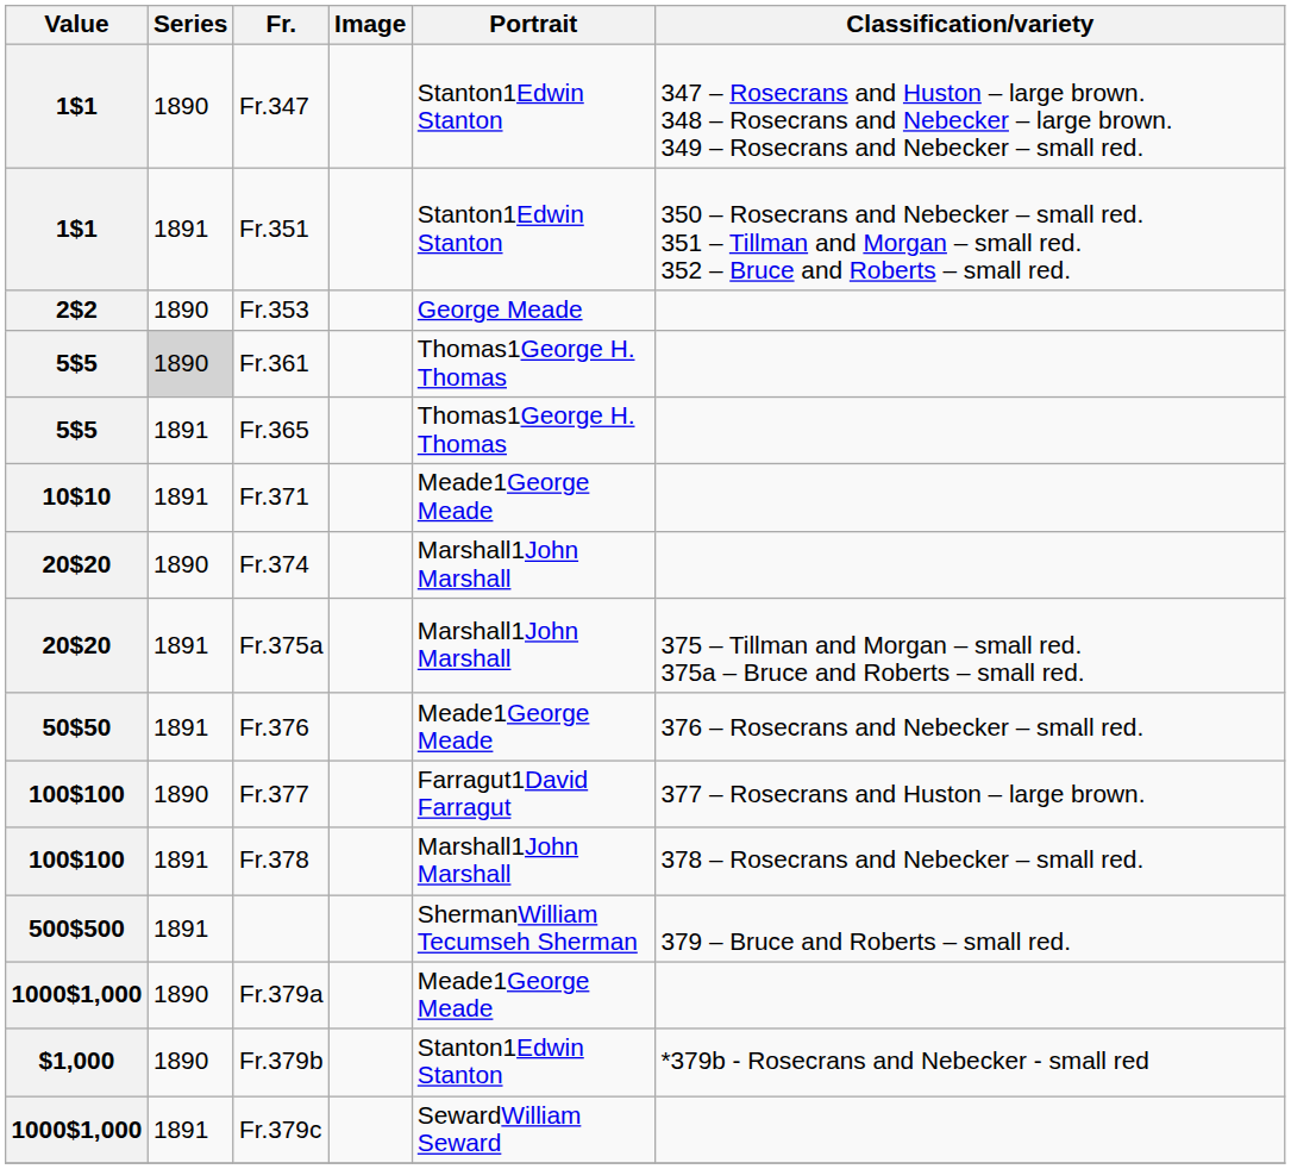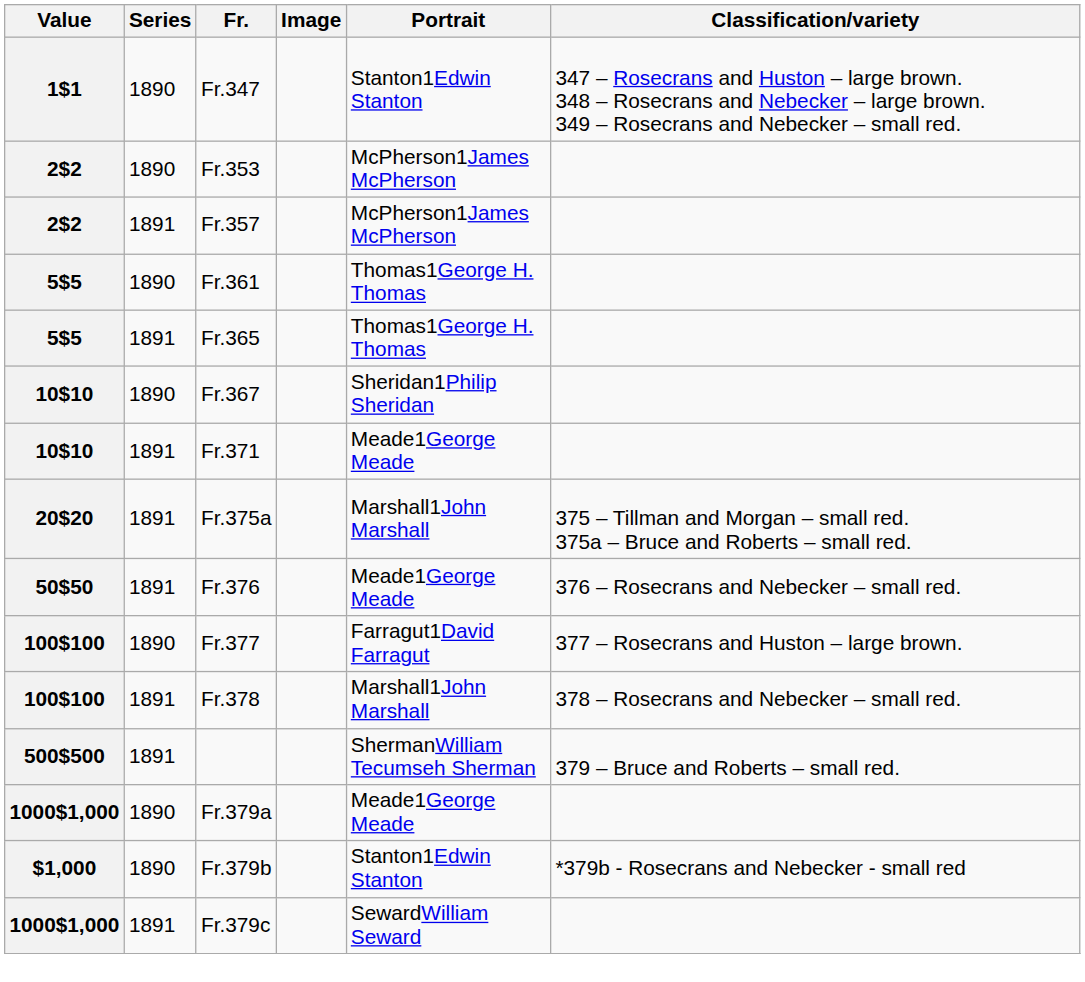 <table class="wikitable sortable">
 <tr>
 <th scope="col" style="width:30px;">Value</th>
 <th scope="col" style="width:40px;">Series</th>
 <th scope="col" style="width:40px; ">Fr.   </th>
 <th scope="col">Image</th>
 <th scope="col" style="width:150px;">Portrait</th>
 <th scope="col" style="width:400px;">Classification/variety</th>
 </tr>
 <tr>
 <th scope="row"><span>1</span>$1</th>
 <td>1890</td>
 <td>Fr.347</td>
 <td></td>
 <td><span>Stanton1</span><a href='#'>Edwin Stanton</a></td>
 <td><br>347 – <a href='#'>Rosecrans</a> and <a href='#'>Huston</a> – large brown.<br> 348 – Rosecrans and <a href='#'>Nebecker</a> – large brown.<br> 349 – Rosecrans and Nebecker – small red.</td>
 </tr>
 <tr>
-<th scope="row"><span>1</span>$1</th>
-<td>1891</td>
-<td>Fr.351</td>
-<td></td>
-<td><span>Stanton1</span><a href='#'>Edwin Stanton</a></td>
-<td><br>350 – Rosecrans and Nebecker – small red.<br> 351 – <a href='#'>Tillman</a> and <a href='#'>Morgan</a> – small red.<br> 352 – <a href='#'>Bruce</a> and <a href='#'>Roberts</a> – small red.</td>
-</tr>
-<tr>
 <th scope="row"><span>2</span>$2</th>
 <td>1890</td>
 <td>Fr.353</td>
 <td></td>
-<td><a href='#'>George Meade</a></td>
+<td><span>McPherson1</span><a href='#'>James McPherson</a></td>
+<td></td>
+</tr>
+<tr>
+<th scope="row"><span>2</span>$2</th>
+<td>1891</td>
+<td>Fr.357</td>
+<td></td>
+<td><span>McPherson1</span><a href='#'>James McPherson</a></td>
 <td></td>
 </tr>
 <tr>
 <th scope="row"><span>5</span>$5</th>
-<td style="background: lightgrey;">1890</td>
+<td>1890</td>
 <td>Fr.361</td>
 <td></td>
 <td><span>Thomas1</span><a href='#'>George H. Thomas</a></td>
 <td></td>
 </tr>
 <tr>
 <th scope="row"><span>5</span>$5</th>
 <td>1891</td>
 <td>Fr.365</td>
 <td></td>
 <td><span>Thomas1</span><a href='#'>George H. Thomas</a></td>
 <td></td>
 </tr>
 <tr>
 <th scope="row"><span>10</span>$10</th>
+<td>1890</td>
+<td>Fr.367</td>
+<td></td>
+<td><span>Sheridan1</span><a href='#'>Philip Sheridan</a></td>
+<td></td>
+</tr>
+<tr>
+<th scope="row"><span>10</span>$10</th>
 <td>1891</td>
 <td>Fr.371</td>
 <td></td>
 <td><span>Meade1</span><a href='#'>George Meade</a></td>
-<td></td>
-</tr>
-<tr>
-<th scope="row"><span>20</span>$20</th>
-<td>1890</td>
-<td>Fr.374</td>
-<td></td>
-<td><span>Marshall1</span><a href='#'>John Marshall</a></td>
 <td></td>
 </tr>
 <tr>
 <th scope="row"><span>20</span>$20</th>
 <td>1891</td>
 <td>Fr.375a</td>
 <td></td>
 <td><span>Marshall1</span><a href='#'>John Marshall</a></td>
 <td><br>375 – Tillman and Morgan – small red.<br> 375a – Bruce and Roberts – small red.</td>
 </tr>
 <tr>
 <th scope="row"><span>50</span>$50</th>
 <td>1891</td>
 <td>Fr.376</td>
 <td></td>
 <td><span>Meade1</span><a href='#'>George Meade</a></td>
 <td>376 – Rosecrans and Nebecker – small red.</td>
 </tr>
 <tr>
 <th scope="row"><span>100</span>$100</th>
 <td>1890</td>
 <td>Fr.377</td>
 <td></td>
 <td><span>Farragut1</span><a href='#'>David Farragut</a></td>
 <td>377 – Rosecrans and Huston – large brown.</td>
 </tr>
 <tr>
 <th scope="row"><span>100</span>$100</th>
 <td>1891</td>
 <td>Fr.378</td>
 <td></td>
 <td><span>Marshall1</span><a href='#'>John Marshall</a></td>
 <td>378 – Rosecrans and Nebecker – small red.</td>
 </tr>
 <tr>
 <th scope="row"><span>500</span>$500</th>
 <td>1891</td>
 <td></td>
 <td></td>
 <td><span>Sherman</span><a href='#'>William Tecumseh Sherman</a></td>
 <td><br>379 – Bruce and Roberts – small red.</td>
 </tr>
 <tr>
 <th scope="row"><span>1000</span>$1,000</th>
 <td>1890</td>
 <td>Fr.379a</td>
 <td></td>
 <td><span>Meade1</span><a href='#'>George Meade</a></td>
 <td></td>
 </tr>
 <tr>
 <th>$1,000</th>
 <td>1890</td>
 <td>Fr.379b</td>
 <td></td>
 <td><span>Stanton1</span><a href='#'>Edwin Stanton</a></td>
 <td>*379b - Rosecrans and Nebecker - small red</td>
 </tr>
 <tr>
 <th scope="row"><span>1000</span>$1,000</th>
 <td>1891</td>
 <td>Fr.379c</td>
 <td></td>
 <td><span>Seward</span><a href='#'>William Seward</a></td>
 <td></td>
 </tr>
 <tr>
 </tr>
 </table>
